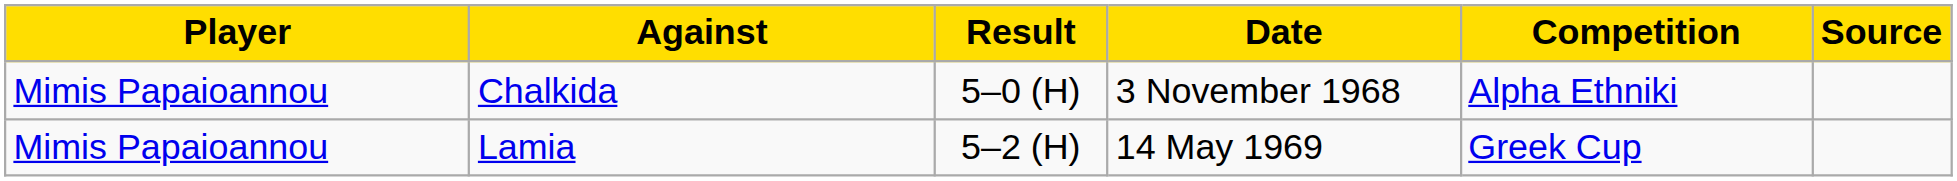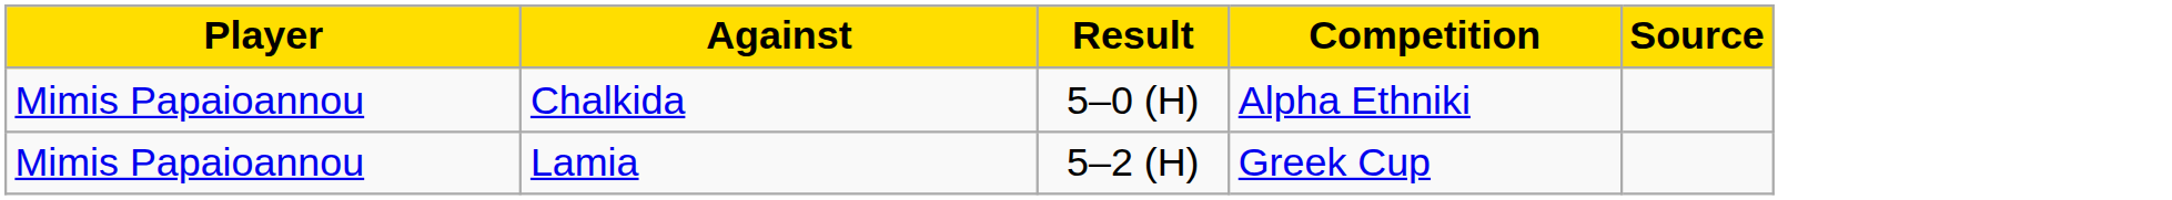 <table class="wikitable">
 <tr>
 <th width=200 style="background:#FFDE00">Player</th>
 <th width=200 style="background:#FFDE00">Against</th>
 <th width=70 style="background:#FFDE00">Result</th>
-<th width=150 style="background:#FFDE00">Date</th>
 <th width=150 style="background:#FFDE00">Competition</th>
 <th style="background:#FFDE00">Source</th>
 </tr>
 <tr>
 <td> <a href='#'>Mimis Papaioannou</a></td>
 <td> <a href='#'>Chalkida</a></td>
 <td align=center>5–0 (H)</td>
-<td>3 November 1968</td>
 <td><a href='#'>Alpha Ethniki</a></td>
 <td align=center></td>
 </tr>
 <tr>
 <td> <a href='#'>Mimis Papaioannou</a></td>
 <td> <a href='#'>Lamia</a></td>
 <td align=center>5–2 (H)</td>
-<td>14 May 1969</td>
 <td><a href='#'>Greek Cup</a></td>
 <td align=center></td>
 </tr>
 </table>
